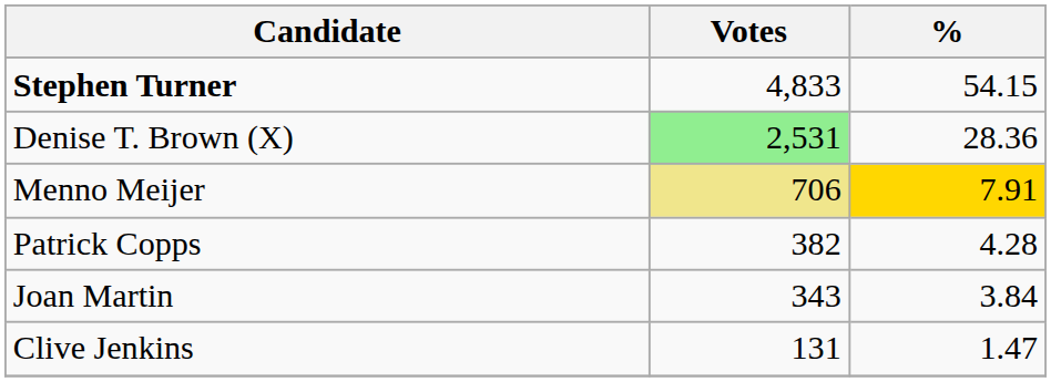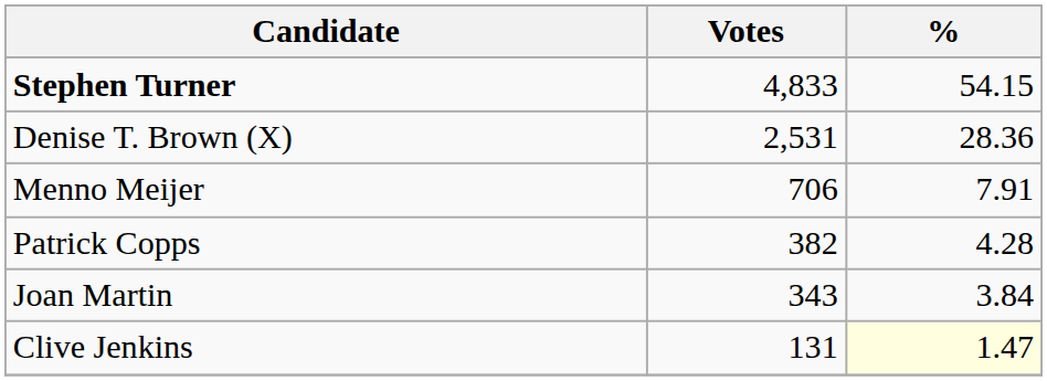 <table style="width:500px;" class="wikitable">
 <tr>
 <th align="center">Candidate</th>
 <th align="center">Votes</th>
 <th align="center">%</th>
 </tr>
 <tr>
 <td align="left"><strong>Stephen Turner</strong></td>
 <td align="right">4,833</td>
 <td align="right">54.15</td>
 </tr>
 <tr>
 <td align="left">Denise T. Brown (X)</td>
-<td align="right" style="background: lightgreen;">2,531</td>
+<td align="right">2,531</td>
 <td align="right">28.36</td>
 </tr>
 <tr>
 <td align="left">Menno Meijer</td>
-<td align="right" style="background: khaki;">706</td>
-<td align="right" style="background: gold;">7.91</td>
+<td align="right">706</td>
+<td align="right">7.91</td>
 </tr>
 <tr>
 <td align="left">Patrick Copps</td>
 <td align="right">382</td>
 <td align="right">4.28</td>
 </tr>
 <tr>
 <td align="left">Joan Martin</td>
 <td align="right">343</td>
 <td align="right">3.84</td>
 </tr>
 <tr>
 <td align="left">Clive Jenkins</td>
 <td align="right">131</td>
-<td align="right">1.47</td>
+<td align="right" style="background: lightyellow;">1.47</td>
 </tr>
 <tr>
 </tr>
 </table>
